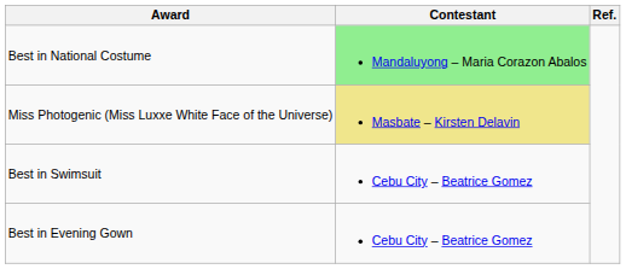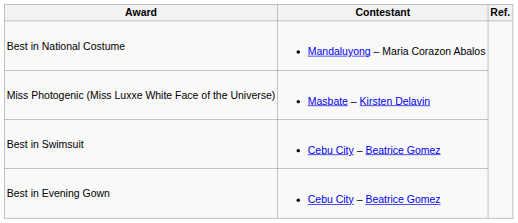 <table class="wikitable sortable" style="font-size: 95%;">
 <tr>
 <th>Award</th>
 <th>Contestant</th>
 <th>Ref.</th>
 </tr>
 <tr>
 <td>Best in National Costume</td>
-<td style="background: lightgreen;"><br><ul><li><a href='#'>Mandaluyong</a> – Maria Corazon Abalos</li></ul></td>
+<td><br><ul><li><a href='#'>Mandaluyong</a> – Maria Corazon Abalos</li></ul></td>
 <td rowspan="4"><br><br><br></td>
 </tr>
 <tr>
 <td>Miss Photogenic (Miss Luxxe White Face of the Universe)</td>
-<td style="background: khaki;"><br><ul><li><a href='#'>Masbate</a> – <a href='#'>Kirsten Delavin</a></li></ul></td>
+<td><br><ul><li><a href='#'>Masbate</a> – <a href='#'>Kirsten Delavin</a></li></ul></td>
 </tr>
 <tr>
 <td>Best in Swimsuit</td>
 <td><br><ul><li><a href='#'>Cebu City</a> – <a href='#'>Beatrice Gomez</a></li></ul></td>
 </tr>
 <tr>
 <td>Best in Evening Gown</td>
 <td><br><ul><li><a href='#'>Cebu City</a> – <a href='#'>Beatrice Gomez</a></li></ul></td>
 </tr>
 </table>
